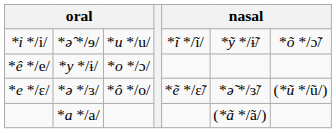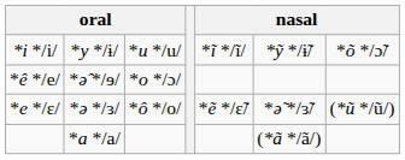 <table class="wikitable" style="text-align: center;">
 <tr>
 <th colspan="3">oral</th>
 <th rowspan="5"></th>
 <th colspan="3">nasal</th>
 </tr>
 <tr>
 <td><em>*i</em> */i/</td>
-<td>*<em>ə̂</em> */ɘ/</td>
+<td>*<em>y</em> */ɨ/</td>
 <td>*<em>u</em> */u/</td>
 <td>*<em>ĩ</em> */ĩ/</td>
 <td><em>*ỹ</em> */ɨ̃/</td>
 <td>*<em>õ</em> */ɔ̃/</td>
 </tr>
 <tr>
 <td>*<em>ê</em> */e/</td>
-<td>*<em>y</em> */ɨ/</td>
+<td>*<em>ə̂</em> */ɘ/</td>
 <td>*<em>o</em> */ɔ/</td>
 <td></td>
 <td></td>
 <td></td>
 </tr>
 <tr>
 <td>*<em>e</em> */ɛ/</td>
 <td>*<em>ə</em> */ɜ/</td>
 <td>*<em>ô</em> */o/</td>
 <td>*<em>ẽ</em> */ɛ̃/</td>
 <td>*<em>ə̃</em> */ɜ̃/</td>
 <td>(<em>*ũ</em> */ũ/)</td>
 </tr>
 <tr>
 <td></td>
 <td>*<em>a</em> */a/</td>
 <td></td>
 <td></td>
 <td>(<em>*ã</em> */ã/)</td>
 <td></td>
 </tr>
 </table>
